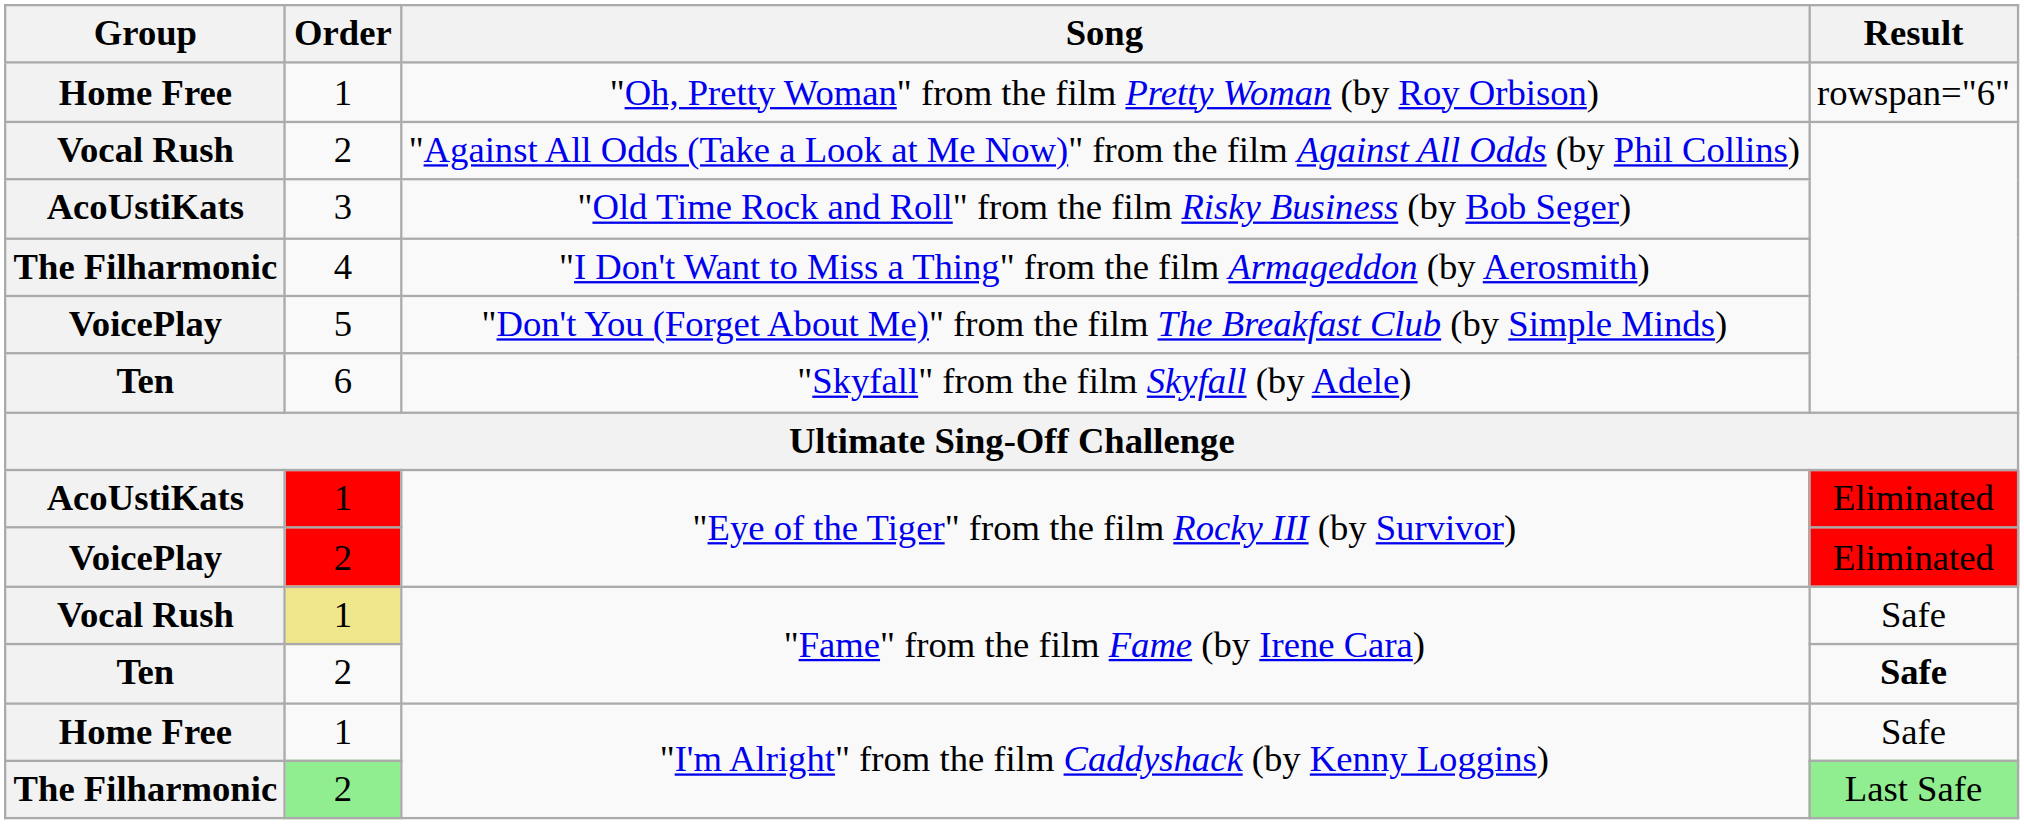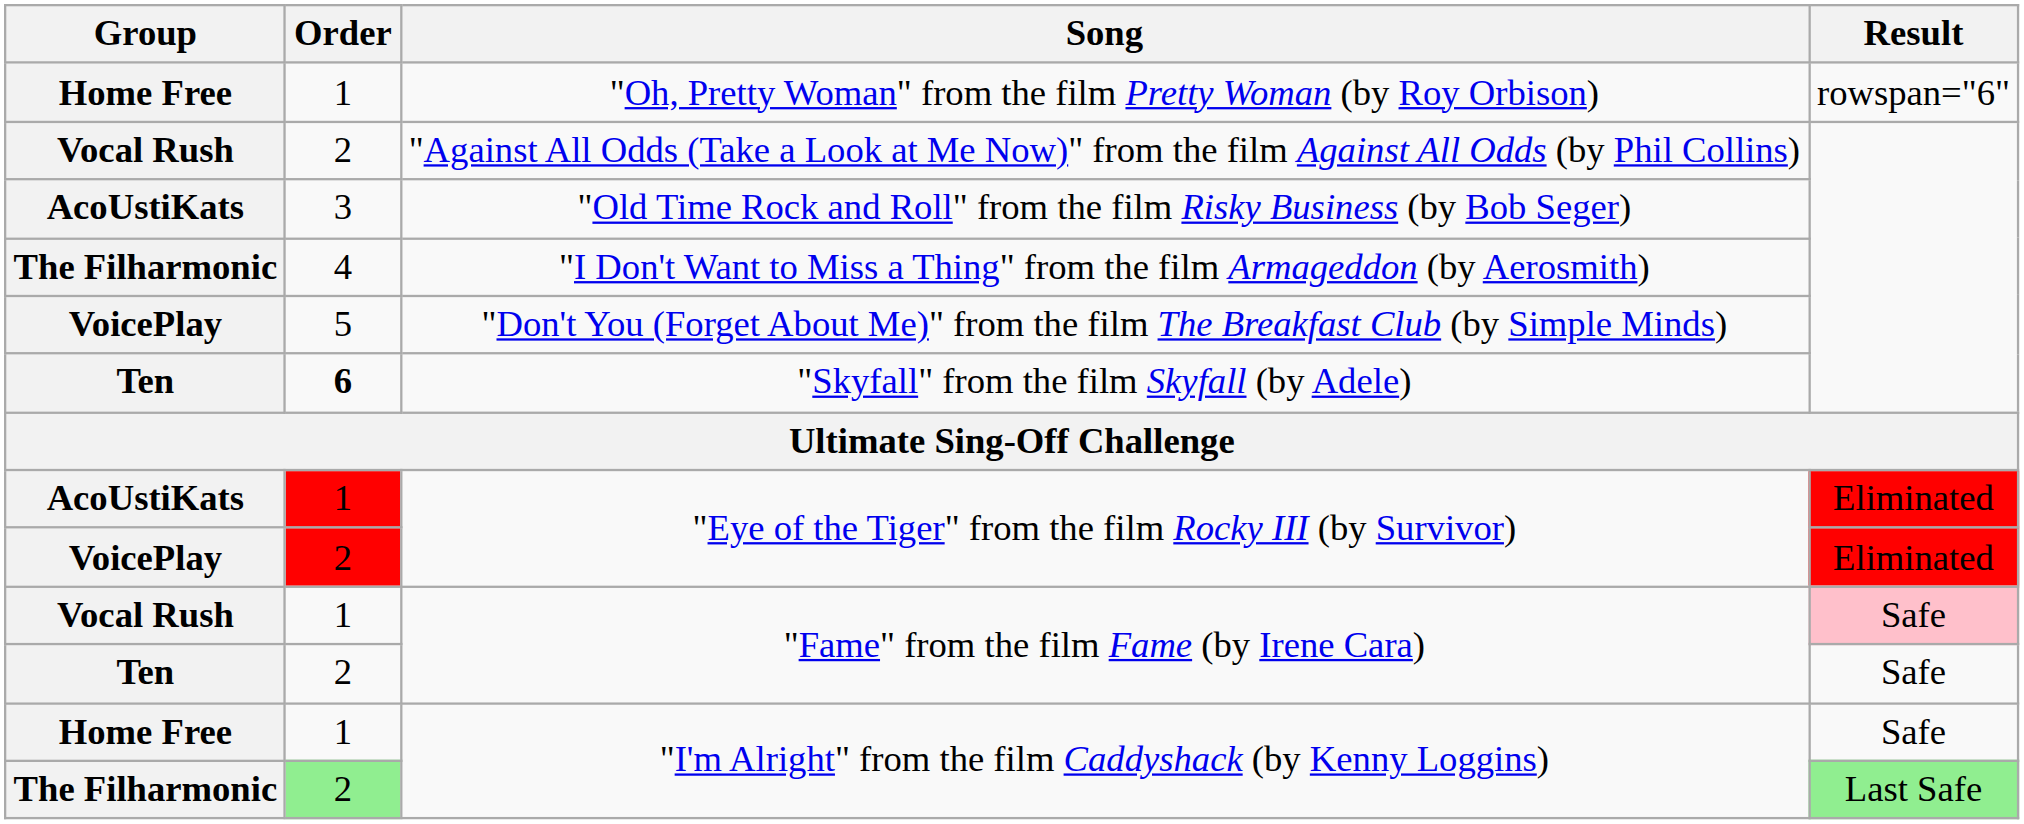 <table class="wikitable plainrowheaders" style="text-align:center;">
 <tr>
 <th scope="col">Group</th>
 <th scope="col">Order</th>
 <th scope="col">Song</th>
 <th scope="col">Result</th>
 </tr>
 <tr>
 <th scope="row">Home Free</th>
 <td>1</td>
 <td>"<a href='#'>Oh, Pretty Woman</a>" from the film <em><a href='#'>Pretty Woman</a></em> (by <a href='#'>Roy Orbison</a>)</td>
 <td>rowspan="6" </td>
 </tr>
 <tr>
 <th scope="row">Vocal Rush</th>
 <td>2</td>
 <td>"<a href='#'>Against All Odds (Take a Look at Me Now)</a>" from the film <em><a href='#'>Against All Odds</a></em> (by <a href='#'>Phil Collins</a>)</td>
 </tr>
 <tr>
 <th scope="row">AcoUstiKats</th>
 <td>3</td>
 <td>"<a href='#'>Old Time Rock and Roll</a>" from the film <em><a href='#'>Risky Business</a></em> (by <a href='#'>Bob Seger</a>)</td>
 </tr>
 <tr>
 <th scope="row">The Filharmonic</th>
 <td>4</td>
 <td>"<a href='#'>I Don't Want to Miss a Thing</a>" from the film <em><a href='#'>Armageddon</a></em> (by <a href='#'>Aerosmith</a>)</td>
 </tr>
 <tr>
 <th scope="row">VoicePlay</th>
 <td>5</td>
 <td>"<a href='#'>Don't You (Forget About Me)</a>" from the film <em><a href='#'>The Breakfast Club</a></em> (by <a href='#'>Simple Minds</a>)</td>
 </tr>
 <tr>
 <th scope="row">Ten</th>
-<td>6</td>
+<td><strong>6</strong></td>
 <td>"<a href='#'>Skyfall</a>" from the film <em><a href='#'>Skyfall</a></em> (by <a href='#'>Adele</a>)</td>
 </tr>
 <tr>
 <th scope="col" colspan="6">Ultimate Sing-Off Challenge</th>
 </tr>
 <tr>
 <th scope="row">AcoUstiKats</th>
 <td bgcolor="red">1</td>
 <td rowspan="2">"<a href='#'>Eye of the Tiger</a>" from the film <em><a href='#'>Rocky III</a></em> (by <a href='#'>Survivor</a>)</td>
 <td bgcolor="red">Eliminated</td>
 </tr>
 <tr>
 <th scope="row">VoicePlay</th>
 <td bgcolor="red">2</td>
 <td bgcolor="red">Eliminated</td>
 </tr>
 <tr>
 <th scope="row">Vocal Rush</th>
-<td style="background: khaki;">1</td>
+<td>1</td>
 <td rowspan="2">"<a href='#'>Fame</a>" from the film <em><a href='#'>Fame</a></em> (by <a href='#'>Irene Cara</a>)</td>
-<td>Safe</td>
+<td style="background: pink;">Safe</td>
 </tr>
 <tr>
 <th scope="row">Ten</th>
 <td>2</td>
-<td><strong>Safe</strong></td>
+<td>Safe</td>
 </tr>
 <tr>
 <th scope="row">Home Free</th>
 <td>1</td>
 <td rowspan="2">"<a href='#'>I'm Alright</a>" from the film <em><a href='#'>Caddyshack</a></em> (by <a href='#'>Kenny Loggins</a>)</td>
 <td>Safe</td>
 </tr>
 <tr>
 <th scope="row">The Filharmonic</th>
 <td bgcolor="lightgreen">2</td>
 <td bgcolor="lightgreen">Last Safe</td>
 </tr>
 </table>
